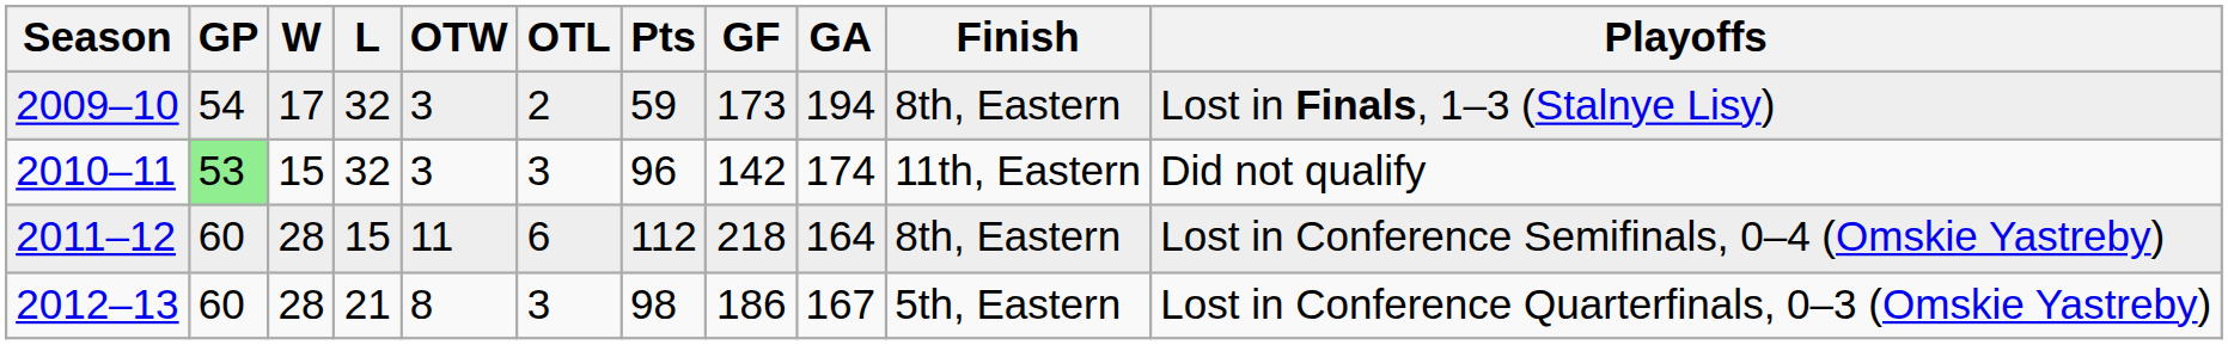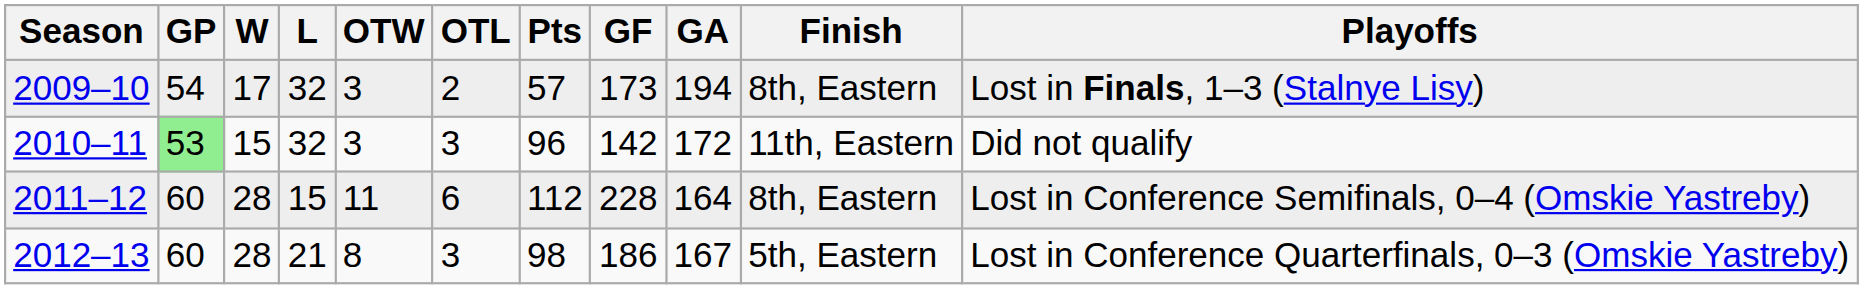 <table class="wikitable">
 <tr>
 <th>Season</th>
 <th>GP</th>
 <th>W</th>
 <th>L</th>
 <th>OTW</th>
 <th>OTL</th>
 <th>Pts</th>
 <th>GF</th>
 <th>GA</th>
 <th>Finish</th>
 <th>Playoffs</th>
 </tr>
 <tr style="background:#eee;">
 <td><a href='#'>2009–10</a></td>
 <td>54</td>
 <td>17</td>
 <td>32</td>
 <td>3</td>
 <td>2</td>
-<td>59</td>
+<td>57</td>
 <td>173</td>
 <td>194</td>
 <td>8th, Eastern</td>
 <td>Lost in <strong>Finals</strong>, 1–3 (<a href='#'>Stalnye Lisy</a>)</td>
 </tr>
 <tr>
 <td><a href='#'>2010–11</a></td>
 <td style="background: lightgreen;">53</td>
 <td>15</td>
 <td>32</td>
 <td>3</td>
 <td>3</td>
 <td>96</td>
 <td>142</td>
-<td>174</td>
+<td>172</td>
 <td>11th, Eastern</td>
 <td>Did not qualify</td>
 </tr>
 <tr style="background:#eee;">
 <td><a href='#'>2011–12</a></td>
 <td>60</td>
 <td>28</td>
 <td>15</td>
 <td>11</td>
 <td>6</td>
 <td>112</td>
-<td>218</td>
+<td>228</td>
 <td>164</td>
 <td>8th, Eastern</td>
 <td>Lost in Conference Semifinals, 0–4 (<a href='#'>Omskie Yastreby</a>)</td>
 </tr>
 <tr>
 <td><a href='#'>2012–13</a></td>
 <td>60</td>
 <td>28</td>
 <td>21</td>
 <td>8</td>
 <td>3</td>
 <td>98</td>
 <td>186</td>
 <td>167</td>
 <td>5th, Eastern</td>
 <td>Lost in Conference Quarterfinals, 0–3 (<a href='#'>Omskie Yastreby</a>)</td>
 </tr>
 </table>
